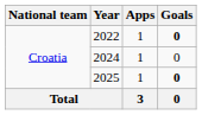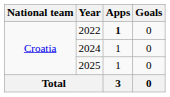 <table class="wikitable" style="text-align:center">
 <tr>
 <th>National team</th>
 <th>Year</th>
 <th>Apps</th>
 <th>Goals</th>
 </tr>
 <tr>
 <td rowspan="3"><a href='#'>Croatia</a></td>
 <td>2022</td>
-<td>1</td>
-<td><strong>0</strong></td>
+<td><strong>1</strong></td>
+<td>0</td>
 </tr>
 <tr>
 <td>2024</td>
 <td>1</td>
 <td>0</td>
 </tr>
 <tr>
 <td>2025</td>
 <td>1</td>
-<td><strong>0</strong></td>
+<td>0</td>
 </tr>
 <tr>
 <th colspan="2">Total</th>
 <th>3</th>
 <th>0</th>
 </tr>
 </table>
